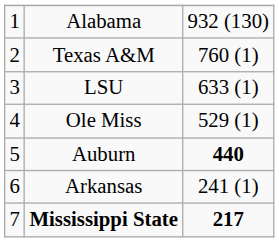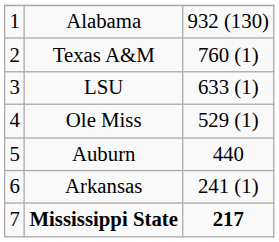 <table class="wikitable" style="display: inline-table;">
 <tr align="center">
 </tr>
 <tr align="center">
 <td>1</td>
 <td>Alabama</td>
 <td>932 (130)</td>
 </tr>
 <tr align="center">
 <td>2</td>
 <td>Texas A&M</td>
 <td>760 (1)</td>
 </tr>
 <tr align="center">
 <td>3</td>
 <td>LSU</td>
 <td>633 (1)</td>
 </tr>
 <tr align="center">
 <td>4</td>
 <td>Ole Miss</td>
 <td>529 (1)</td>
 </tr>
 <tr align="center">
 <td>5</td>
 <td>Auburn</td>
-<td><strong>440</strong></td>
+<td>440</td>
 </tr>
 <tr align="center">
 <td>6</td>
 <td>Arkansas</td>
 <td>241 (1)</td>
 </tr>
 <tr align="center">
 <td>7</td>
 <td><strong>Mississippi State</strong></td>
 <td><strong>217</strong></td>
 </tr>
 </table>
